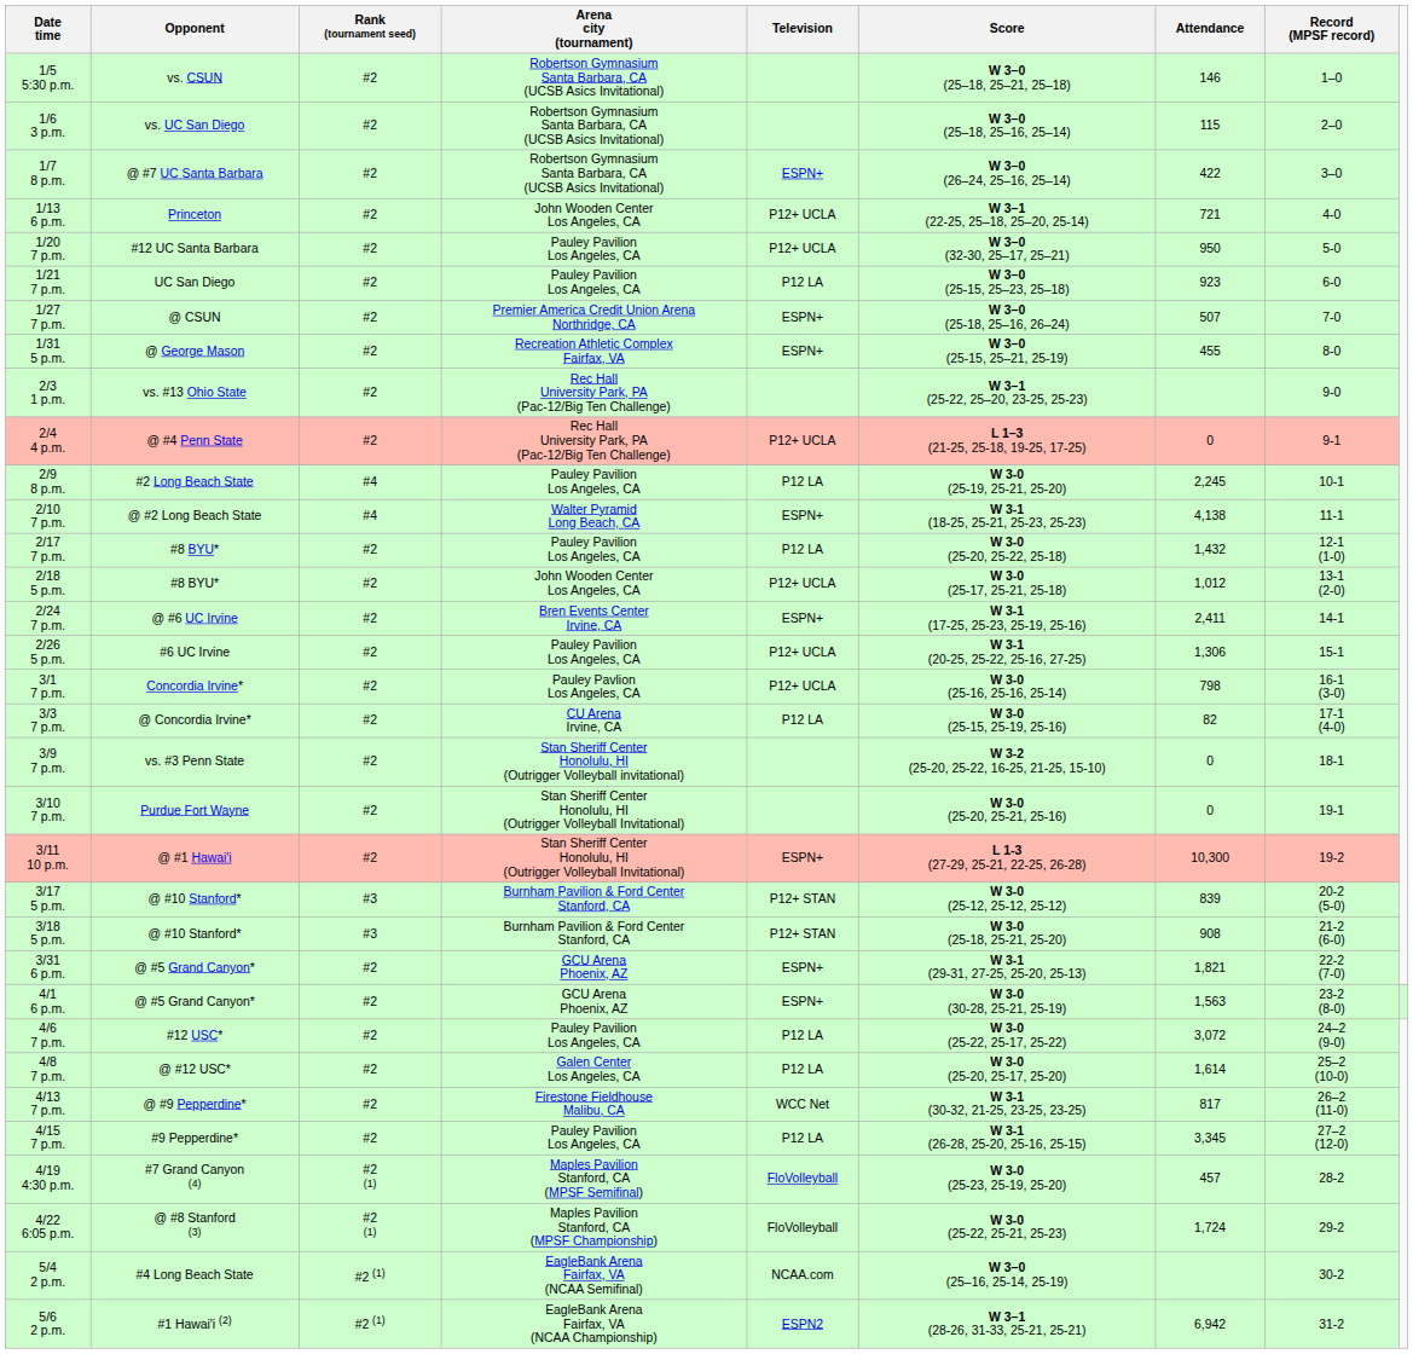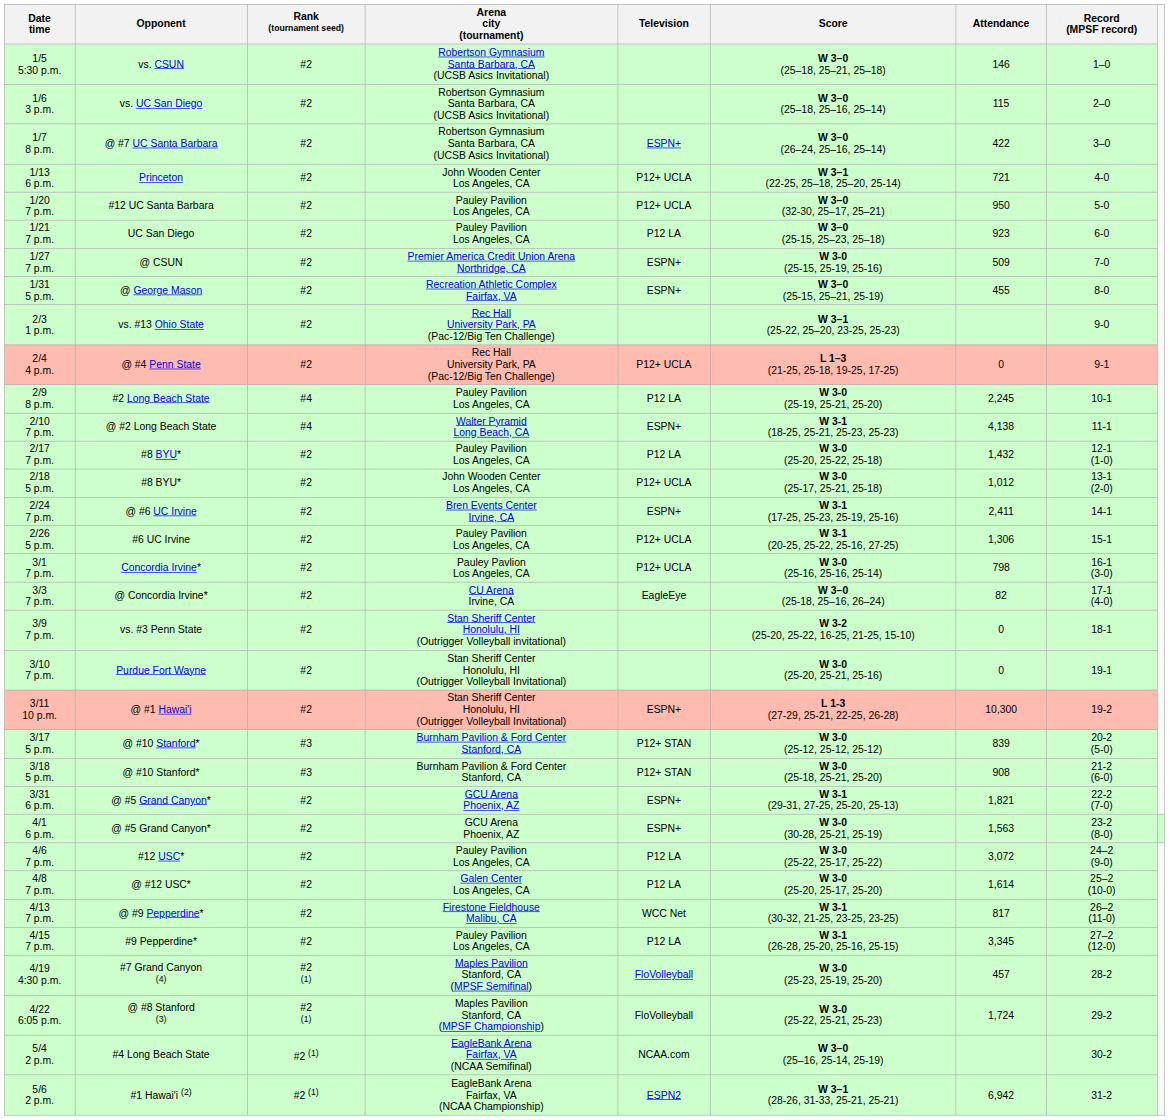 <table class="wikitable sortable" style="width:90%">
 <tr>
 <th>Date<br>time</th>
 <th>Opponent</th>
 <th>Rank<br><sup>(tournament seed)</sup></th>
 <th>Arena<br>city<br>(tournament)</th>
 <th>Television</th>
 <th>Score</th>
 <th>Attendance</th>
 <th>Record<br>(MPSF record)</th>
 </tr>
 <tr align="center" bgcolor="#ccffcc">
 <td>1/5<br>5:30 p.m.</td>
 <td>vs. <a href='#'>CSUN</a></td>
 <td>#2</td>
 <td><a href='#'>Robertson Gymnasium</a><br><a href='#'>Santa Barbara, CA</a><br>(UCSB Asics Invitational)</td>
 <td></td>
 <td><strong>W 3–0</strong><br>(25–18, 25–21, 25–18)</td>
 <td>146</td>
 <td>1–0</td>
 </tr>
 <tr align="center" bgcolor="#ccffcc">
 <td>1/6<br>3 p.m.</td>
 <td>vs. <a href='#'>UC San Diego</a></td>
 <td>#2</td>
 <td>Robertson Gymnasium<br>Santa Barbara, CA<br>(UCSB Asics Invitational)</td>
 <td></td>
 <td><strong>W 3–0</strong><br>(25–18, 25–16, 25–14)</td>
 <td>115</td>
 <td>2–0</td>
 </tr>
 <tr align="center" bgcolor="#ccffcc">
 <td>1/7<br>8 p.m.</td>
 <td>@ #7 <a href='#'>UC Santa Barbara</a></td>
 <td>#2</td>
 <td>Robertson Gymnasium<br>Santa Barbara, CA<br>(UCSB Asics Invitational)</td>
 <td><a href='#'>ESPN+</a></td>
 <td><strong>W 3–0</strong><br>(26–24, 25–16, 25–14)</td>
 <td>422</td>
 <td>3–0</td>
 </tr>
 <tr align="center" bgcolor="#ccffcc">
 <td>1/13<br>6 p.m.</td>
 <td><a href='#'>Princeton</a></td>
 <td>#2</td>
 <td>John Wooden Center<br>Los Angeles, CA</td>
 <td>P12+ UCLA</td>
 <td><strong>W 3–1</strong><br>(22-25, 25–18, 25–20, 25-14)</td>
 <td>721</td>
 <td>4-0</td>
 </tr>
 <tr align="center" bgcolor="#ccffcc">
 <td>1/20<br>7 p.m.</td>
 <td>#12 UC Santa Barbara</td>
 <td>#2</td>
 <td>Pauley Pavilion<br>Los Angeles, CA</td>
 <td>P12+ UCLA</td>
 <td><strong>W 3–0</strong><br>(32-30, 25–17, 25–21)</td>
 <td>950</td>
 <td>5-0</td>
 </tr>
 <tr align="center" bgcolor="#ccffcc">
 <td>1/21<br>7 p.m.</td>
 <td>UC San Diego</td>
 <td>#2</td>
 <td>Pauley Pavilion<br>Los Angeles, CA</td>
 <td>P12 LA</td>
 <td><strong>W 3–0</strong><br>(25-15, 25–23, 25–18)</td>
 <td>923</td>
 <td>6-0</td>
 </tr>
 <tr align="center" bgcolor="#ccffcc">
 <td>1/27<br>7 p.m.</td>
 <td>@ CSUN</td>
 <td>#2</td>
 <td><a href='#'>Premier America Credit Union Arena</a><br><a href='#'>Northridge, CA</a></td>
 <td>ESPN+</td>
-<td><strong>W 3–0</strong><br>(25-18, 25–16, 26–24)</td>
-<td>507</td>
+<td><strong>W 3-0</strong><br>(25-15, 25-19, 25-16)</td>
+<td>509</td>
 <td>7-0</td>
 </tr>
 <tr align="center" bgcolor="#ccffcc">
 <td>1/31<br>5 p.m.</td>
 <td>@ <a href='#'>George Mason</a></td>
 <td>#2</td>
 <td><a href='#'>Recreation Athletic Complex</a><br><a href='#'>Fairfax, VA</a></td>
 <td>ESPN+</td>
 <td><strong>W 3–0</strong><br>(25-15, 25–21, 25-19)</td>
 <td>455</td>
 <td>8-0</td>
 </tr>
 <tr align="center" bgcolor="#ccffcc">
 <td>2/3<br>1 p.m.</td>
 <td>vs. #13 <a href='#'>Ohio State</a></td>
 <td>#2</td>
 <td><a href='#'>Rec Hall</a><br><a href='#'>University Park, PA</a><br>(Pac-12/Big Ten Challenge)</td>
 <td></td>
 <td><strong>W 3–1</strong><br>(25-22, 25–20, 23-25, 25-23)</td>
 <td></td>
 <td>9-0</td>
 </tr>
 <tr align="center" bgcolor="#ffbbb">
 <td>2/4<br>4 p.m.</td>
 <td>@ #4 <a href='#'>Penn State</a></td>
 <td>#2</td>
 <td>Rec Hall<br>University Park, PA<br>(Pac-12/Big Ten Challenge)</td>
 <td>P12+ UCLA</td>
 <td><strong>L 1–3</strong><br>(21-25, 25-18, 19-25, 17-25)</td>
 <td>0</td>
 <td>9-1</td>
 </tr>
 <tr align="center" bgcolor="#ccffcc">
 <td>2/9<br>8 p.m.</td>
 <td>#2 <a href='#'>Long Beach State</a></td>
 <td>#4</td>
 <td>Pauley Pavilion<br>Los Angeles, CA</td>
 <td>P12 LA</td>
 <td><strong>W 3-0</strong><br>(25-19, 25-21, 25-20)</td>
 <td>2,245</td>
 <td>10-1</td>
 </tr>
 <tr align="center" bgcolor="#ccffcc">
 <td>2/10<br>7 p.m.</td>
 <td>@ #2 Long Beach State</td>
 <td>#4</td>
 <td><a href='#'>Walter Pyramid</a><br><a href='#'>Long Beach, CA</a></td>
 <td>ESPN+</td>
 <td><strong>W 3-1</strong><br>(18-25, 25-21, 25-23, 25-23)</td>
 <td>4,138</td>
 <td>11-1</td>
 </tr>
 <tr align="center" bgcolor="#ccffcc">
 <td>2/17<br>7 p.m.</td>
 <td>#8 <a href='#'>BYU</a>*</td>
 <td>#2</td>
 <td>Pauley Pavilion<br>Los Angeles, CA</td>
 <td>P12 LA</td>
 <td><strong>W 3-0</strong><br>(25-20, 25-22, 25-18)</td>
 <td>1,432</td>
 <td>12-1<br>(1-0)</td>
 </tr>
 <tr align="center" bgcolor="#ccffcc">
 <td>2/18<br>5 p.m.</td>
 <td>#8 BYU*</td>
 <td>#2</td>
 <td>John Wooden Center<br>Los Angeles, CA</td>
 <td>P12+ UCLA</td>
 <td><strong>W 3-0</strong><br>(25-17, 25-21, 25-18)</td>
 <td>1,012</td>
 <td>13-1<br>(2-0)</td>
 </tr>
 <tr align="center" bgcolor="#ccffcc">
 <td>2/24<br>7 p.m.</td>
 <td>@ #6 <a href='#'>UC Irvine</a></td>
 <td>#2</td>
 <td><a href='#'>Bren Events Center</a><br><a href='#'>Irvine, CA</a></td>
 <td>ESPN+</td>
 <td><strong>W 3-1</strong><br>(17-25, 25-23, 25-19, 25-16)</td>
 <td>2,411</td>
 <td>14-1</td>
 </tr>
 <tr align="center" bgcolor="#ccffcc">
 <td>2/26<br>5 p.m.</td>
 <td>#6 UC Irvine</td>
 <td>#2</td>
 <td>Pauley Pavilion<br>Los Angeles, CA</td>
 <td>P12+ UCLA</td>
 <td><strong>W 3-1</strong><br>(20-25, 25-22, 25-16, 27-25)</td>
 <td>1,306</td>
 <td>15-1</td>
 </tr>
 <tr align="center"  bgcolor="#ccffcc">
 <td>3/1<br>7 p.m.</td>
 <td><a href='#'>Concordia Irvine</a>*</td>
 <td>#2</td>
 <td>Pauley Pavlion<br>Los Angeles, CA</td>
 <td>P12+ UCLA</td>
 <td><strong>W 3-0</strong><br>(25-16, 25-16, 25-14)</td>
 <td>798</td>
 <td>16-1<br>(3-0)</td>
 </tr>
 <tr align="center" bgcolor="#ccffcc">
 <td>3/3<br>7 p.m.</td>
 <td>@ Concordia Irvine*</td>
 <td>#2</td>
 <td><a href='#'>CU Arena</a><br>Irvine, CA</td>
-<td>P12 LA</td>
-<td><strong>W 3-0</strong><br>(25-15, 25-19, 25-16)</td>
+<td>EagleEye</td>
+<td><strong>W 3–0</strong><br>(25-18, 25–16, 26–24)</td>
 <td>82</td>
 <td>17-1<br>(4-0)</td>
 </tr>
 <tr align="center" bgcolor="#ccffcc">
 <td>3/9<br>7 p.m.</td>
 <td>vs. #3 Penn State</td>
 <td>#2</td>
 <td><a href='#'>Stan Sheriff Center</a><br><a href='#'>Honolulu, HI</a><br>(Outrigger Volleyball invitational)</td>
 <td></td>
 <td><strong>W 3-2</strong><br>(25-20, 25-22, 16-25, 21-25, 15-10)</td>
 <td>0</td>
 <td>18-1</td>
 </tr>
 <tr align="center" bgcolor="#ccffcc">
 <td>3/10<br>7 p.m.</td>
 <td><a href='#'>Purdue Fort Wayne</a></td>
 <td>#2</td>
 <td>Stan Sheriff Center<br>Honolulu, HI<br>(Outrigger Volleyball Invitational)</td>
 <td></td>
 <td><strong>W 3-0</strong><br>(25-20, 25-21, 25-16)</td>
 <td>0</td>
 <td>19-1</td>
 </tr>
 <tr align="center" bgcolor="#ffbbb">
 <td>3/11<br>10 p.m.</td>
 <td>@ #1 <a href='#'>Hawai'i</a></td>
 <td>#2</td>
 <td>Stan Sheriff Center<br>Honolulu, HI<br>(Outrigger Volleyball Invitational)</td>
 <td>ESPN+</td>
 <td><strong>L 1-3</strong><br>(27-29, 25-21, 22-25, 26-28)</td>
 <td>10,300</td>
 <td>19-2</td>
 </tr>
 <tr align="center" bgcolor="#ccffcc">
 <td>3/17<br>5 p.m.</td>
 <td>@ #10 <a href='#'>Stanford</a>*</td>
 <td>#3</td>
 <td><a href='#'>Burnham Pavilion & Ford Center</a><br><a href='#'>Stanford, CA</a></td>
 <td>P12+ STAN</td>
 <td><strong>W 3-0</strong><br>(25-12, 25-12, 25-12)</td>
 <td>839</td>
 <td>20-2<br>(5-0)</td>
 </tr>
 <tr align="center" bgcolor="#ccffcc">
 <td>3/18<br>5 p.m.</td>
 <td>@ #10 Stanford*</td>
 <td>#3</td>
 <td>Burnham Pavilion & Ford Center<br>Stanford, CA</td>
 <td>P12+ STAN</td>
 <td><strong>W 3-0</strong><br>(25-18, 25-21, 25-20)</td>
 <td>908</td>
 <td>21-2<br>(6-0)</td>
 </tr>
 <tr align="center" bgcolor="#ccffcc">
 <td>3/31<br>6 p.m.</td>
 <td>@ #5 <a href='#'>Grand Canyon</a>*</td>
 <td>#2</td>
 <td><a href='#'>GCU Arena</a><br><a href='#'>Phoenix, AZ</a></td>
 <td>ESPN+</td>
 <td><strong>W 3-1</strong><br>(29-31, 27-25, 25-20, 25-13)</td>
 <td>1,821</td>
 <td>22-2<br>(7-0)</td>
 </tr>
 <tr align="center" bgcolor="#ccffcc">
 <td>4/1<br>6 p.m.</td>
 <td>@ #5 Grand Canyon*</td>
 <td>#2</td>
 <td>GCU Arena<br>Phoenix, AZ</td>
 <td>ESPN+</td>
 <td><strong>W 3-0</strong><br>(30-28, 25-21, 25-19)</td>
 <td>1,563</td>
 <td>23-2<br>(8-0)</td>
 <td></td>
 </tr>
 <tr align="center" bgcolor="#ccffcc">
 <td>4/6<br>7 p.m.</td>
 <td>#12 <a href='#'>USC</a>*</td>
 <td>#2</td>
 <td>Pauley Pavilion<br>Los Angeles, CA</td>
 <td>P12 LA</td>
 <td><strong>W 3-0</strong><br>(25-22, 25-17, 25-22)</td>
 <td>3,072</td>
 <td>24–2<br>(9-0)</td>
 </tr>
 <tr align="center" bgcolor="#ccffcc">
 <td>4/8<br>7 p.m.</td>
 <td>@ #12 USC*</td>
 <td>#2</td>
 <td><a href='#'>Galen Center</a><br>Los Angeles, CA</td>
 <td>P12 LA</td>
 <td><strong>W 3-0</strong><br>(25-20, 25-17, 25-20)</td>
 <td>1,614</td>
 <td>25–2<br>(10-0)</td>
 </tr>
 <tr align="center" bgcolor="#ccffcc">
 <td>4/13<br>7 p.m.</td>
 <td>@ #9 <a href='#'>Pepperdine</a>*</td>
 <td>#2</td>
 <td><a href='#'>Firestone Fieldhouse</a><br><a href='#'>Malibu, CA</a></td>
 <td>WCC Net</td>
 <td><strong>W 3-1</strong><br>(30-32, 21-25, 23-25, 23-25)</td>
 <td>817</td>
 <td>26–2<br>(11-0)</td>
 </tr>
 <tr align="center" bgcolor="#ccffcc">
 <td>4/15<br>7 p.m.</td>
 <td>#9 Pepperdine*</td>
 <td>#2</td>
 <td>Pauley Pavilion<br>Los Angeles, CA</td>
 <td>P12 LA</td>
 <td><strong>W 3-1</strong><br>(26-28, 25-20, 25-16, 25-15)</td>
 <td>3,345</td>
 <td>27–2<br>(12-0)</td>
 </tr>
 <tr align="center" bgcolor="#ccffcc">
 <td>4/19<br>4:30 p.m.</td>
 <td>#7 Grand Canyon<br><sup>(4)</sup></td>
 <td>#2<br><sup>(1)</sup></td>
 <td><a href='#'>Maples Pavilion</a><br>Stanford, CA<br>(<a href='#'>MPSF Semifinal</a>)</td>
 <td><a href='#'>FloVolleyball</a></td>
 <td><strong>W 3-0</strong><br>(25-23, 25-19, 25-20)</td>
 <td>457</td>
 <td>28-2</td>
 </tr>
 <tr align="center" bgcolor="#ccffcc">
 <td>4/22<br>6:05 p.m.</td>
 <td>@ #8 Stanford<br><sup>(3)</sup></td>
 <td>#2<br><sup>(1)</sup></td>
 <td>Maples Pavilion<br>Stanford, CA<br>(<a href='#'>MPSF Championship</a>)</td>
 <td>FloVolleyball</td>
 <td><strong>W 3-0</strong><br>(25-22, 25-21, 25-23)</td>
 <td>1,724</td>
 <td>29-2</td>
 </tr>
 <tr align="center" bgcolor="#ccffcc">
 <td>5/4<br>2 p.m.</td>
 <td>#4 Long Beach State</td>
 <td>#2 <sup>(1)</sup></td>
 <td><a href='#'>EagleBank Arena</a><br><a href='#'>Fairfax, VA</a><br>(NCAA Semifinal)</td>
 <td>NCAA.com</td>
 <td><strong>W 3–0</strong><br>(25–16, 25-14, 25-19)</td>
 <td></td>
 <td>30-2</td>
 </tr>
 <tr align="center" bgcolor="#ccffcc">
 <td>5/6<br>2 p.m.</td>
 <td>#1 Hawai'i <sup>(2)</sup></td>
 <td>#2 <sup>(1)</sup></td>
 <td>EagleBank Arena<br>Fairfax, VA<br>(NCAA Championship)</td>
 <td><a href='#'>ESPN2</a></td>
 <td><strong>W 3–1</strong><br>(28-26, 31-33, 25-21, 25-21)</td>
 <td>6,942</td>
 <td>31-2</td>
 </tr>
 </table>
